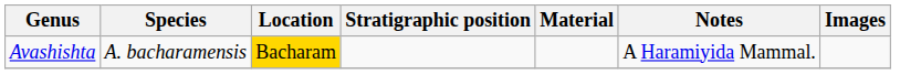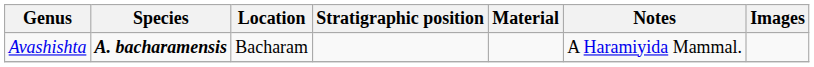 <table class="wikitable" align="center">
 <tr>
 <th>Genus</th>
 <th>Species</th>
 <th>Location</th>
 <th>Stratigraphic position</th>
 <th>Material</th>
 <th>Notes</th>
 <th>Images</th>
 </tr>
 <tr>
 <td><em><a href='#'>Avashishta</a></em></td>
-<td><em>A. bacharamensis</em></td>
-<td style="background: gold;">Bacharam</td>
+<td><strong><em>A. bacharamensis</em></strong></td>
+<td>Bacharam</td>
 <td></td>
 <td></td>
 <td>A <a href='#'>Haramiyida</a> Mammal.</td>
 <td></td>
 </tr>
 <tr>
 </tr>
 </table>
